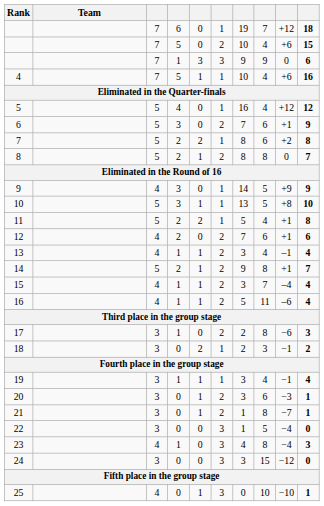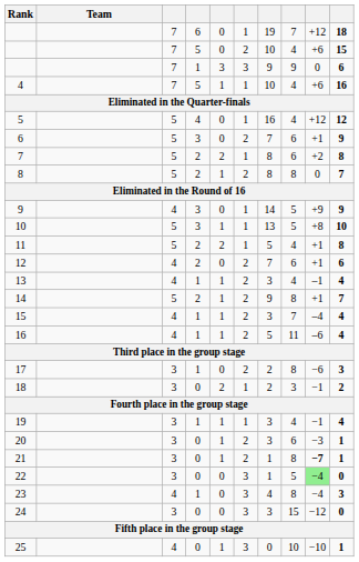 <table class="wikitable" style="text-align: center; font-size:90% ">
 <tr>
 <th width=35>Rank</th>
 <th width=160>Team</th>
 <th width=25></th>
 <th width=25></th>
 <th width=25></th>
 <th width=25></th>
 <th width=25></th>
 <th width=25></th>
 <th width=25></th>
 <th width=25></th>
 </tr>
 <tr>
 <td></td>
 <td align=left></td>
 <td>7</td>
 <td>6</td>
 <td>0</td>
 <td>1</td>
 <td>19</td>
 <td>7</td>
 <td>+12</td>
 <td><strong>18</strong></td>
 </tr>
 <tr>
 <td></td>
 <td align=left></td>
 <td>7</td>
 <td>5</td>
 <td>0</td>
 <td>2</td>
 <td>10</td>
 <td>4</td>
 <td>+6</td>
 <td><strong>15</strong></td>
 </tr>
 <tr>
 <td></td>
 <td align=left></td>
 <td>7</td>
 <td>1</td>
 <td>3</td>
 <td>3</td>
 <td>9</td>
 <td>9</td>
 <td>0</td>
 <td><strong>6</strong></td>
 </tr>
 <tr>
 <td>4</td>
 <td align=left></td>
 <td>7</td>
 <td>5</td>
 <td>1</td>
 <td>1</td>
 <td>10</td>
 <td>4</td>
 <td>+6</td>
 <td><strong>16</strong></td>
 </tr>
 <tr style="font-size:95%;">
 <th colspan="11">Eliminated in the Quarter-finals</th>
 </tr>
 <tr>
 <td>5</td>
 <td align=left></td>
 <td>5</td>
 <td>4</td>
 <td>0</td>
 <td>1</td>
 <td>16</td>
 <td>4</td>
 <td>+12</td>
 <td><strong>12</strong></td>
 </tr>
 <tr>
 <td>6</td>
 <td align=left></td>
 <td>5</td>
 <td>3</td>
 <td>0</td>
 <td>2</td>
 <td>7</td>
 <td>6</td>
 <td>+1</td>
 <td><strong>9</strong></td>
 </tr>
 <tr>
 <td>7</td>
 <td align=left></td>
 <td>5</td>
 <td>2</td>
 <td>2</td>
 <td>1</td>
 <td>8</td>
 <td>6</td>
 <td>+2</td>
 <td><strong>8</strong></td>
 </tr>
 <tr>
 <td>8</td>
 <td align=left></td>
 <td>5</td>
 <td>2</td>
 <td>1</td>
 <td>2</td>
 <td>8</td>
 <td>8</td>
 <td>0</td>
 <td><strong>7</strong></td>
 </tr>
 <tr style="font-size:95%;">
 <th colspan="11">Eliminated in the Round of 16</th>
 </tr>
 <tr>
 <td>9</td>
 <td align=left></td>
 <td>4</td>
 <td>3</td>
 <td>0</td>
 <td>1</td>
 <td>14</td>
 <td>5</td>
 <td>+9</td>
 <td><strong>9</strong></td>
 </tr>
 <tr>
 <td>10</td>
 <td align=left></td>
 <td>5</td>
 <td>3</td>
 <td>1</td>
 <td>1</td>
 <td>13</td>
 <td>5</td>
 <td>+8</td>
 <td><strong>10</strong></td>
 </tr>
 <tr>
 <td>11</td>
 <td align=left></td>
 <td>5</td>
 <td>2</td>
 <td>2</td>
 <td>1</td>
 <td>5</td>
 <td>4</td>
 <td>+1</td>
 <td><strong>8</strong></td>
 </tr>
 <tr>
 <td>12</td>
 <td align=left></td>
 <td>4</td>
 <td>2</td>
 <td>0</td>
 <td>2</td>
 <td>7</td>
 <td>6</td>
 <td>+1</td>
 <td><strong>6</strong></td>
 </tr>
 <tr>
 <td>13</td>
 <td align=left></td>
 <td>4</td>
 <td>1</td>
 <td>1</td>
 <td>2</td>
 <td>3</td>
 <td>4</td>
 <td>–1</td>
 <td><strong>4</strong></td>
 </tr>
 <tr>
 <td>14</td>
 <td align=left></td>
 <td>5</td>
 <td>2</td>
 <td>1</td>
 <td>2</td>
 <td>9</td>
 <td>8</td>
 <td>+1</td>
 <td><strong>7</strong></td>
 </tr>
 <tr>
 <td>15</td>
 <td align=left></td>
 <td>4</td>
 <td>1</td>
 <td>1</td>
 <td>2</td>
 <td>3</td>
 <td>7</td>
 <td>–4</td>
 <td><strong>4</strong></td>
 </tr>
 <tr>
 <td>16</td>
 <td align=left></td>
 <td>4</td>
 <td>1</td>
 <td>1</td>
 <td>2</td>
 <td>5</td>
 <td>11</td>
 <td>–6</td>
 <td><strong>4</strong></td>
 </tr>
 <tr style="font-size:95%;">
 <th colspan="11">Third place in the group stage</th>
 </tr>
 <tr>
 <td>17</td>
 <td align=left></td>
 <td>3</td>
 <td>1</td>
 <td>0</td>
 <td>2</td>
 <td>2</td>
 <td>8</td>
 <td>−6</td>
 <td><strong>3</strong></td>
 </tr>
 <tr>
 <td>18</td>
 <td align=left></td>
 <td>3</td>
 <td>0</td>
 <td>2</td>
 <td>1</td>
 <td>2</td>
 <td>3</td>
 <td>−1</td>
 <td><strong>2</strong></td>
 </tr>
 <tr style="font-size:95%;">
 <th colspan="11">Fourth place in the group stage</th>
 </tr>
 <tr>
 <td>19</td>
 <td align=left></td>
 <td>3</td>
 <td>1</td>
 <td>1</td>
 <td>1</td>
 <td>3</td>
 <td>4</td>
 <td>−1</td>
 <td><strong>4</strong></td>
 </tr>
 <tr>
 <td>20</td>
 <td align=left></td>
 <td>3</td>
 <td>0</td>
 <td>1</td>
 <td>2</td>
 <td>3</td>
 <td>6</td>
 <td>−3</td>
 <td><strong>1</strong></td>
 </tr>
 <tr>
 <td>21</td>
 <td align=left></td>
 <td>3</td>
 <td>0</td>
 <td>1</td>
 <td>2</td>
 <td>1</td>
 <td>8</td>
-<td>−7</td>
+<td><strong>−7</strong></td>
 <td><strong>1</strong></td>
 </tr>
 <tr>
 <td>22</td>
 <td align=left></td>
 <td>3</td>
 <td>0</td>
 <td>0</td>
 <td>3</td>
 <td>1</td>
 <td>5</td>
-<td>−4</td>
+<td style="background: lightgreen;">−4</td>
 <td><strong>0</strong></td>
 </tr>
 <tr>
 <td>23</td>
 <td align=left></td>
 <td>4</td>
 <td>1</td>
 <td>0</td>
 <td>3</td>
 <td>4</td>
 <td>8</td>
 <td>−4</td>
 <td><strong>3</strong></td>
 </tr>
 <tr>
 <td>24</td>
 <td align=left></td>
 <td>3</td>
 <td>0</td>
 <td>0</td>
 <td>3</td>
 <td>3</td>
 <td>15</td>
 <td>−12</td>
 <td><strong>0</strong></td>
 </tr>
 <tr style="font-size:95%;">
 <th colspan="11">Fifth place in the group stage</th>
 </tr>
 <tr>
 <td>25</td>
 <td align=left></td>
 <td>4</td>
 <td>0</td>
 <td>1</td>
 <td>3</td>
 <td>0</td>
 <td>10</td>
 <td>−10</td>
 <td><strong>1</strong></td>
 </tr>
 </table>
